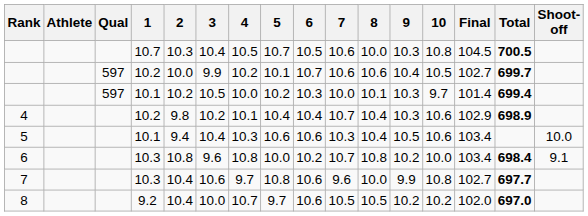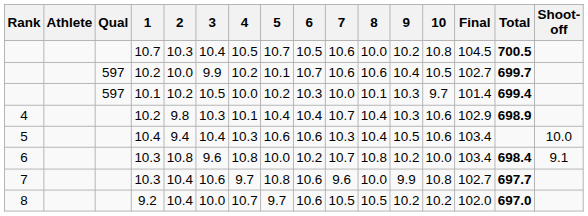 <table class="wikitable sortable">
 <tr>
 <th>Rank</th>
 <th>Athlete</th>
 <th>Qual</th>
 <th class="unsortable" style="width: 28px">1</th>
 <th class="unsortable" style="width: 28px">2</th>
 <th class="unsortable" style="width: 28px">3</th>
 <th class="unsortable" style="width: 28px">4</th>
 <th class="unsortable" style="width: 28px">5</th>
 <th class="unsortable" style="width: 28px">6</th>
 <th class="unsortable" style="width: 28px">7</th>
 <th class="unsortable" style="width: 28px">8</th>
 <th class="unsortable" style="width: 28px">9</th>
 <th class="unsortable" style="width: 28px">10</th>
 <th>Final</th>
 <th>Total</th>
 <th class="unsortable">Shoot-off</th>
 </tr>
 <tr>
 <td align="center"></td>
 <td></td>
 <td align="center"></td>
 <td align="center">10.7</td>
 <td align="center">10.3</td>
 <td align="center">10.4</td>
 <td align="center">10.5</td>
 <td align="center">10.7</td>
 <td align="center">10.5</td>
 <td align="center">10.6</td>
 <td align="center">10.0</td>
-<td align="center">10.3</td>
+<td align="center">10.2</td>
 <td align="center">10.8</td>
 <td align="center">104.5</td>
 <td align="center"><strong>700.5</strong></td>
 <td></td>
 </tr>
 <tr>
 <td align="center"></td>
 <td></td>
 <td align="center">597</td>
 <td align="center">10.2</td>
 <td align="center">10.0</td>
 <td align="center">9.9</td>
 <td align="center">10.2</td>
 <td align="center">10.1</td>
 <td align="center">10.7</td>
 <td align="center">10.6</td>
 <td align="center">10.6</td>
 <td align="center">10.4</td>
 <td align="center">10.5</td>
 <td align="center">102.7</td>
 <td align="center"><strong>699.7</strong></td>
 <td></td>
 </tr>
 <tr>
 <td align="center"></td>
 <td></td>
 <td align="center">597</td>
 <td align="center">10.1</td>
 <td align="center">10.2</td>
 <td align="center">10.5</td>
 <td align="center">10.0</td>
 <td align="center">10.2</td>
 <td align="center">10.3</td>
 <td align="center">10.0</td>
 <td align="center">10.1</td>
 <td align="center">10.3</td>
 <td align="center">9.7</td>
 <td align="center">101.4</td>
 <td align="center"><strong>699.4</strong></td>
 <td></td>
 </tr>
 <tr>
 <td align="center">4</td>
 <td></td>
 <td align="center"></td>
 <td align="center">10.2</td>
 <td align="center">9.8</td>
-<td align="center">10.2</td>
+<td align="center">10.3</td>
 <td align="center">10.1</td>
 <td align="center">10.4</td>
 <td align="center">10.4</td>
 <td align="center">10.7</td>
 <td align="center">10.4</td>
 <td align="center">10.3</td>
 <td align="center">10.6</td>
 <td align="center">102.9</td>
 <td align="center"><strong>698.9</strong></td>
 <td></td>
 </tr>
 <tr>
 <td align="center">5</td>
 <td></td>
 <td align="center"></td>
-<td align="center">10.1</td>
+<td align="center">10.4</td>
 <td align="center">9.4</td>
 <td align="center">10.4</td>
 <td align="center">10.3</td>
 <td align="center">10.6</td>
 <td align="center">10.6</td>
 <td align="center">10.3</td>
 <td align="center">10.4</td>
 <td align="center">10.5</td>
 <td align="center">10.6</td>
 <td align="center">103.4</td>
 <td align="center"></td>
 <td align="center">10.0</td>
 </tr>
 <tr>
 <td align="center">6</td>
 <td></td>
 <td align="center"></td>
 <td align="center">10.3</td>
 <td align="center">10.8</td>
 <td align="center">9.6</td>
 <td align="center">10.8</td>
 <td align="center">10.0</td>
 <td align="center">10.2</td>
 <td align="center">10.7</td>
 <td align="center">10.8</td>
 <td align="center">10.2</td>
 <td align="center">10.0</td>
 <td align="center">103.4</td>
 <td align="center"><strong>698.4</strong></td>
 <td align="center">9.1</td>
 </tr>
 <tr>
 <td align="center">7</td>
 <td></td>
 <td align="center"></td>
 <td align="center">10.3</td>
 <td align="center">10.4</td>
 <td align="center">10.6</td>
 <td align="center">9.7</td>
 <td align="center">10.8</td>
 <td align="center">10.6</td>
 <td align="center">9.6</td>
 <td align="center">10.0</td>
 <td align="center">9.9</td>
 <td align="center">10.8</td>
 <td align="center">102.7</td>
 <td align="center"><strong>697.7</strong></td>
 <td></td>
 </tr>
 <tr>
 <td align="center">8</td>
 <td></td>
 <td align="center"></td>
 <td align="center">9.2</td>
 <td align="center">10.4</td>
 <td align="center">10.0</td>
 <td align="center">10.7</td>
 <td align="center">9.7</td>
 <td align="center">10.6</td>
 <td align="center">10.5</td>
 <td align="center">10.5</td>
 <td align="center">10.2</td>
 <td align="center">10.2</td>
 <td align="center">102.0</td>
 <td align="center"><strong>697.0</strong></td>
 <td></td>
 </tr>
 </table>
